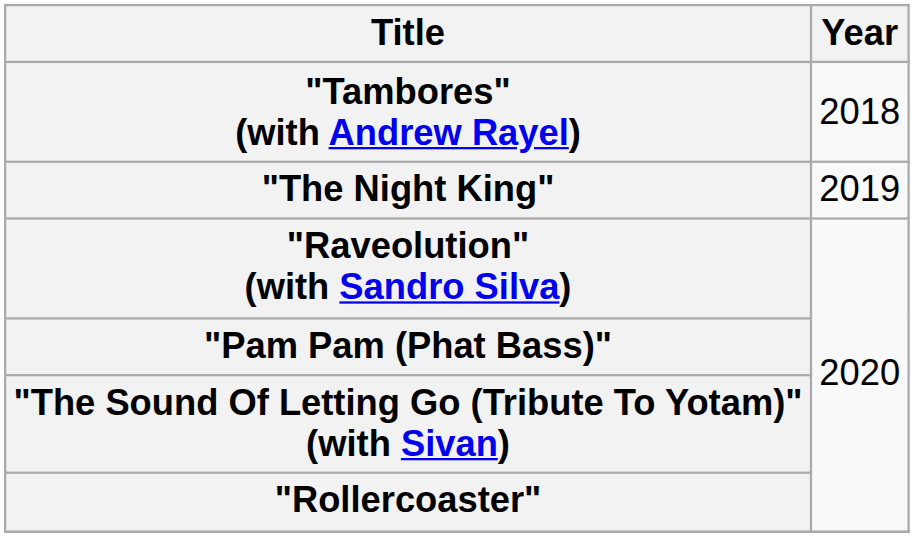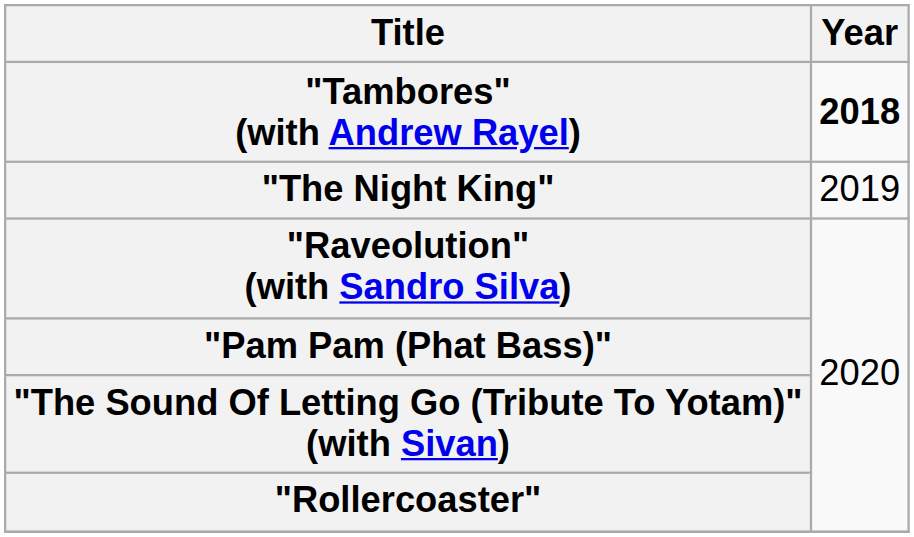 <table class="wikitable sortable mw-collapsible plainrowheaders" border="1">
 <tr>
 <th>Title</th>
 <th>Year</th>
 </tr>
 <tr>
 <th scope="row">"Tambores" <br><span>(with <a href='#'>Andrew Rayel</a>)</span></th>
-<td rowspan="1">2018</td>
+<td rowspan="1"><strong>2018</strong></td>
 </tr>
 <tr>
 <th scope="row">"The Night King"</th>
 <td rowspan="1">2019</td>
 </tr>
 <tr>
 <th scope="row">"Raveolution" <br><span>(with <a href='#'>Sandro Silva</a>)</span></th>
 <td rowspan="4">2020</td>
 </tr>
 <tr>
 <th scope="row">"Pam Pam (Phat Bass)"</th>
 </tr>
 <tr>
 <th scope="row">"The Sound Of Letting Go (Tribute To Yotam)"<br><span>(with <a href='#'>Sivan</a>)</span></th>
 </tr>
 <tr>
 <th scope="row">"Rollercoaster"<br><span></span></th>
 </tr>
 <tr>
 </tr>
 </table>
